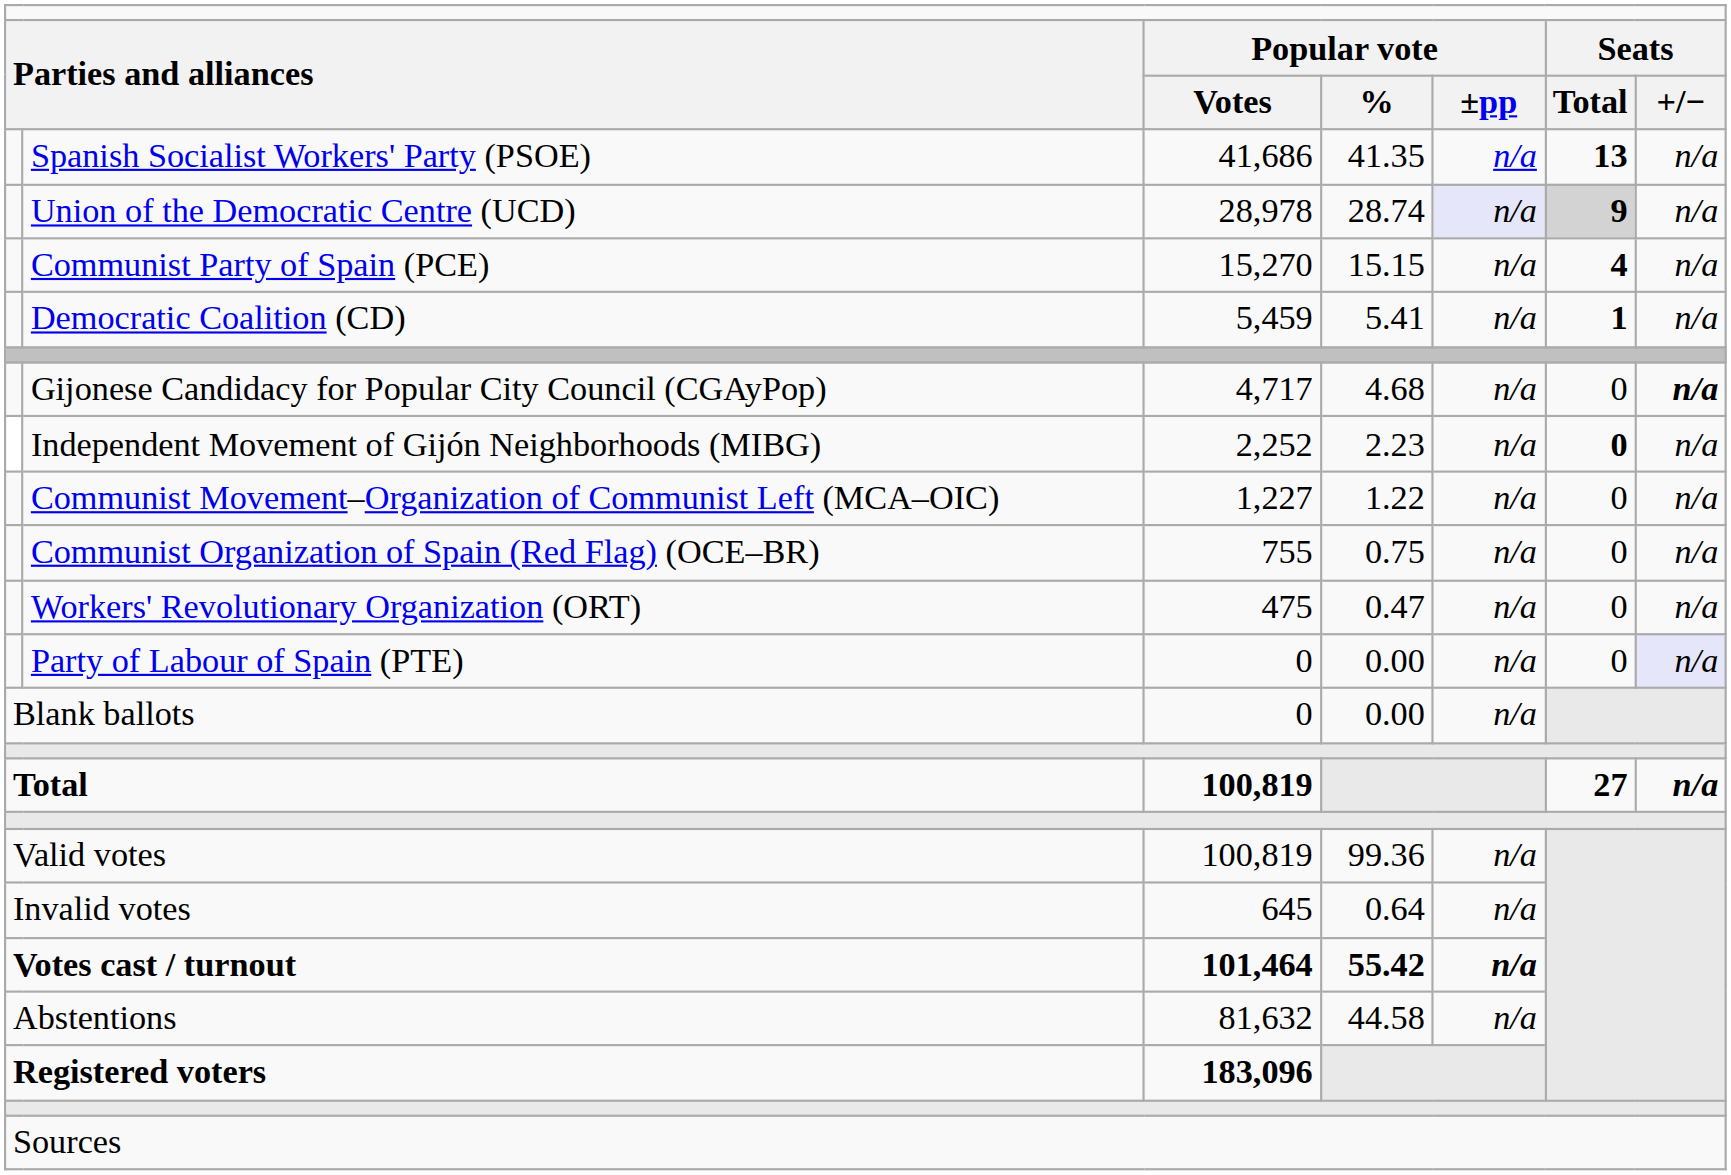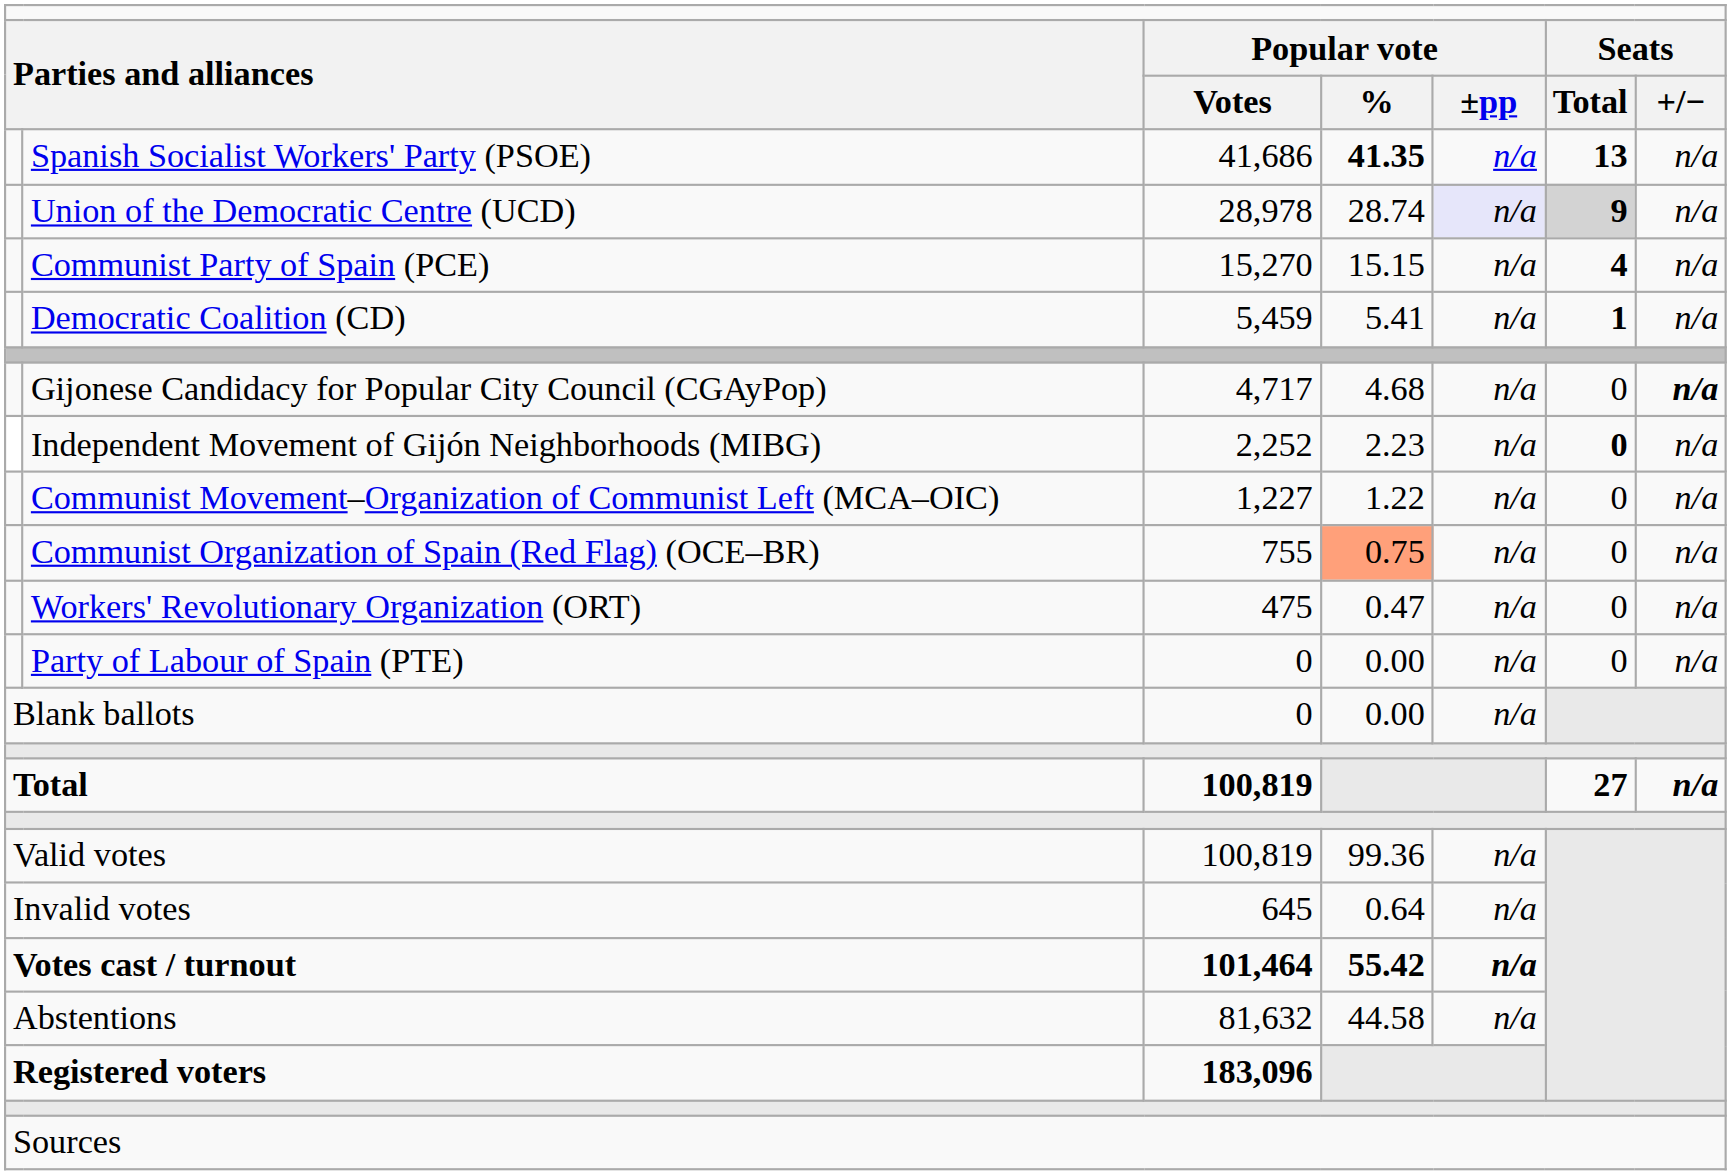 <table class="wikitable" style="text-align:right;">
 <tr>
 <td colspan="7"></td>
 </tr>
 <tr>
 <th style="text-align:left;" rowspan="2" colspan="2" width="525">Parties and alliances</th>
 <th colspan="3">Popular vote</th>
 <th colspan="2">Seats</th>
 </tr>
 <tr>
 <th width="75">Votes</th>
 <th width="45">%</th>
 <th width="45">±<a href='#'>pp</a></th>
 <th width="35">Total</th>
 <th width="35">+/−</th>
 </tr>
 <tr>
 <td width="1" style="color:inherit;background:"></td>
 <td align="left"><a href='#'>Spanish Socialist Workers' Party</a> (PSOE)</td>
 <td>41,686</td>
-<td>41.35</td>
+<td><strong>41.35</strong></td>
 <td><em><a href='#'>n/a</a></em></td>
 <td><strong>13</strong></td>
 <td><em>n/a</em></td>
 </tr>
 <tr>
 <td style="color:inherit;background:"></td>
 <td align="left"><a href='#'>Union of the Democratic Centre</a> (UCD)</td>
 <td>28,978</td>
 <td>28.74</td>
 <td style="background: lavender;"><em>n/a</em></td>
 <td style="background: lightgrey;"><strong>9</strong></td>
 <td><em>n/a</em></td>
 </tr>
 <tr>
 <td style="color:inherit;background:"></td>
 <td align="left"><a href='#'>Communist Party of Spain</a> (PCE)</td>
 <td>15,270</td>
 <td>15.15</td>
 <td><em>n/a</em></td>
 <td><strong>4</strong></td>
 <td><em>n/a</em></td>
 </tr>
 <tr>
 <td style="color:inherit;background:"></td>
 <td align="left"><a href='#'>Democratic Coalition</a> (CD)</td>
 <td>5,459</td>
 <td>5.41</td>
 <td><em>n/a</em></td>
 <td><strong>1</strong></td>
 <td><em>n/a</em></td>
 </tr>
 <tr>
 <td colspan="7" bgcolor="#C0C0C0"></td>
 </tr>
 <tr>
 <td style="color:inherit;background:"></td>
 <td align="left">Gijonese Candidacy for Popular City Council (CGAyPop)</td>
 <td>4,717</td>
 <td>4.68</td>
 <td><em>n/a</em></td>
 <td>0</td>
 <td><strong><em>n/a</em></strong></td>
 </tr>
 <tr>
 <td bgcolor="white"></td>
 <td align="left">Independent Movement of Gijón Neighborhoods (MIBG)</td>
 <td>2,252</td>
 <td>2.23</td>
 <td><em>n/a</em></td>
 <td><strong>0</strong></td>
 <td><em>n/a</em></td>
 </tr>
 <tr>
 <td style="color:inherit;background:"></td>
 <td align="left"><a href='#'>Communist Movement</a>–<a href='#'>Organization of Communist Left</a> (MCA–OIC)</td>
 <td>1,227</td>
 <td>1.22</td>
 <td><em>n/a</em></td>
 <td>0</td>
 <td><em>n/a</em></td>
 </tr>
 <tr>
 <td style="color:inherit;background:"></td>
 <td align="left"><a href='#'>Communist Organization of Spain (Red Flag)</a> (OCE–BR)</td>
 <td>755</td>
-<td>0.75</td>
+<td style="background: lightsalmon;">0.75</td>
 <td><em>n/a</em></td>
 <td>0</td>
 <td><em>n/a</em></td>
 </tr>
 <tr>
 <td style="color:inherit;background:"></td>
 <td align="left"><a href='#'>Workers' Revolutionary Organization</a> (ORT)</td>
 <td>475</td>
 <td>0.47</td>
 <td><em>n/a</em></td>
 <td>0</td>
 <td><em>n/a</em></td>
 </tr>
 <tr>
 <td style="color:inherit;background:"></td>
 <td align="left"><a href='#'>Party of Labour of Spain</a> (PTE)</td>
 <td>0</td>
 <td>0.00</td>
 <td><em>n/a</em></td>
 <td>0</td>
-<td style="background: lavender;"><em>n/a</em></td>
+<td><em>n/a</em></td>
 </tr>
 <tr>
 <td align="left" colspan="2">Blank ballots</td>
 <td>0</td>
 <td>0.00</td>
 <td><em>n/a</em></td>
 <td bgcolor="#E9E9E9" colspan="2"></td>
 </tr>
 <tr>
 <td colspan="7" bgcolor="#E9E9E9"></td>
 </tr>
 <tr style="font-weight:bold;">
 <td align="left" colspan="2">Total</td>
 <td>100,819</td>
 <td bgcolor="#E9E9E9" colspan="2"></td>
 <td>27</td>
 <td><em>n/a</em></td>
 </tr>
 <tr>
 <td colspan="7" bgcolor="#E9E9E9"></td>
 </tr>
 <tr>
 <td align="left" colspan="2">Valid votes</td>
 <td>100,819</td>
 <td>99.36</td>
 <td><em>n/a</em></td>
 <td bgcolor="#E9E9E9" colspan="2" rowspan="5"></td>
 </tr>
 <tr>
 <td align="left" colspan="2">Invalid votes</td>
 <td>645</td>
 <td>0.64</td>
 <td><em>n/a</em></td>
 </tr>
 <tr style="font-weight:bold;">
 <td align="left" colspan="2">Votes cast / turnout</td>
 <td>101,464</td>
 <td>55.42</td>
 <td><em>n/a</em></td>
 </tr>
 <tr>
 <td align="left" colspan="2">Abstentions</td>
 <td>81,632</td>
 <td>44.58</td>
 <td><em>n/a</em></td>
 </tr>
 <tr style="font-weight:bold;">
 <td align="left" colspan="2">Registered voters</td>
 <td>183,096</td>
 <td bgcolor="#E9E9E9" colspan="2"></td>
 </tr>
 <tr>
 <td colspan="7" bgcolor="#E9E9E9"></td>
 </tr>
 <tr>
 <td align="left" colspan="7">Sources</td>
 </tr>
 </table>
